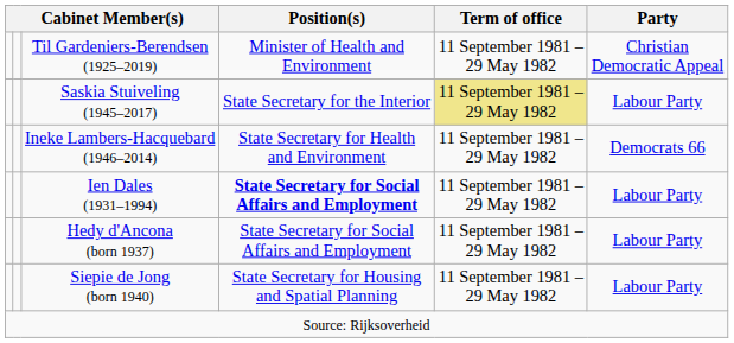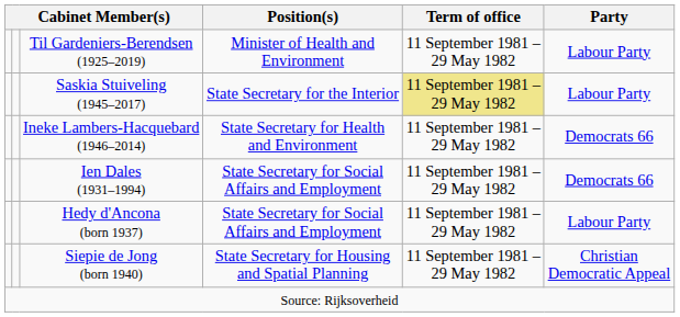 <table class="wikitable" style="text-align:center">
 <tr>
 <th colspan=3>Cabinet Member(s)</th>
 <th>Position(s)</th>
 <th>Term of office</th>
 <th>Party</th>
 </tr>
 <tr>
 <td style="background:"></td>
 <td></td>
 <td><a href='#'>Til Gardeniers-Berendsen</a> <br> <small>(1925–2019)</small></td>
 <td><a href='#'>Minister of Health and <br> Environment</a></td>
 <td>11 September 1981 – <br> 29 May 1982</td>
-<td><a href='#'>Christian <br> Democratic Appeal</a></td>
+<td><a href='#'>Labour Party</a></td>
 </tr>
 <tr>
 <td style="background:"></td>
 <td></td>
 <td><a href='#'>Saskia Stuiveling</a> <br> <small>(1945–2017)</small></td>
 <td><a href='#'>State Secretary for the Interior</a></td>
 <td style="background: khaki;">11 September 1981 – <br> 29 May 1982</td>
 <td><a href='#'>Labour Party</a></td>
 </tr>
 <tr>
 <td style="background:"></td>
 <td></td>
 <td><a href='#'>Ineke Lambers-Hacquebard</a> <br> <small>(1946–2014)</small></td>
 <td><a href='#'>State Secretary for Health <br> and Environment</a></td>
 <td>11 September 1981 – <br> 29 May 1982</td>
 <td><a href='#'>Democrats 66</a></td>
 </tr>
 <tr>
 <td style="background:"></td>
 <td></td>
 <td><a href='#'>Ien Dales</a> <br> <small>(1931–1994)</small></td>
-<td><strong><a href='#'>State Secretary for Social <br> Affairs and Employment</a></strong></td>
+<td><a href='#'>State Secretary for Social <br> Affairs and Employment</a></td>
 <td>11 September 1981 – <br> 29 May 1982</td>
-<td><a href='#'>Labour Party</a></td>
+<td><a href='#'>Democrats 66</a></td>
 </tr>
 <tr>
 <td style="background:"></td>
 <td></td>
 <td><a href='#'>Hedy d'Ancona</a> <br> <small>(born 1937)</small></td>
 <td><a href='#'>State Secretary for Social <br> Affairs and Employment</a></td>
 <td>11 September 1981 – <br> 29 May 1982</td>
 <td><a href='#'>Labour Party</a></td>
 </tr>
 <tr>
 <td style="background:"></td>
 <td></td>
 <td><a href='#'>Siepie de Jong</a> <br> <small>(born 1940)</small></td>
 <td><a href='#'>State Secretary for Housing <br> and Spatial Planning</a></td>
 <td>11 September 1981 – <br> 29 May 1982</td>
-<td><a href='#'>Labour Party</a></td>
+<td><a href='#'>Christian <br> Democratic Appeal</a></td>
 </tr>
 <tr>
 <td colspan=9><small>Source:   Rijksoverheid</small></td>
 </tr>
 </table>
